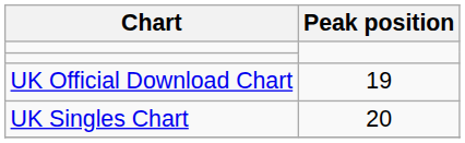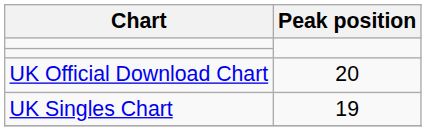 <table class="wikitable">
 <tr>
 <th>Chart</th>
 <th>Peak position</th>
 </tr>
 <tr>
 <td></td>
 </tr>
 <tr>
 <td></td>
 </tr>
 <tr>
 <td><a href='#'>UK Official Download Chart</a></td>
-<td style="text-align:center;">19</td>
+<td style="text-align:center;">20</td>
 </tr>
 <tr>
 <td><a href='#'>UK Singles Chart</a></td>
-<td style="text-align:center;">20</td>
+<td style="text-align:center;">19</td>
 </tr>
 <tr>
 </tr>
 <tr>
 </tr>
 </table>
